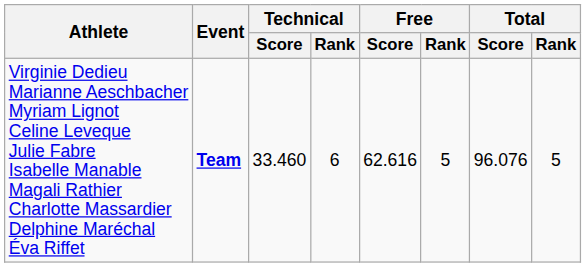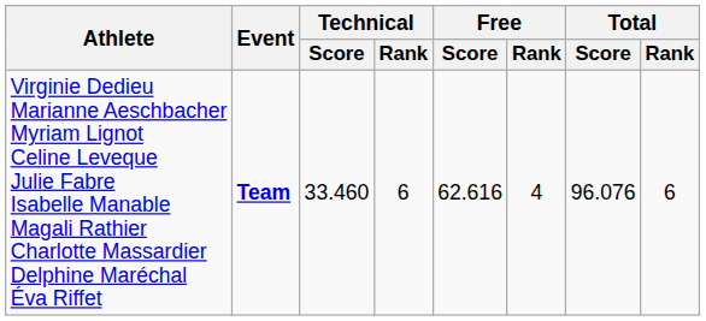 <table class=wikitable style=font-size:90%;text-align:center>
 <tr>
 <th rowspan=2>Athlete</th>
 <th rowspan=2>Event</th>
 <th colspan=2>Technical</th>
 <th colspan=2>Free</th>
 <th colspan=2>Total</th>
 </tr>
 <tr style=font-size:95%>
 <th>Score</th>
 <th>Rank</th>
 <th>Score</th>
 <th>Rank</th>
 <th>Score</th>
 <th>Rank</th>
 </tr>
 <tr>
 <td align=left><a href='#'>Virginie Dedieu</a><br><a href='#'>Marianne Aeschbacher</a><br><a href='#'>Myriam Lignot</a><br><a href='#'>Celine Leveque</a><br><a href='#'>Julie Fabre</a><br><a href='#'>Isabelle Manable</a><br><a href='#'>Magali Rathier</a><br><a href='#'>Charlotte Massardier</a><br><a href='#'>Delphine Maréchal</a><br><a href='#'>Éva Riffet</a></td>
 <td align=left><strong><a href='#'>Team</a></strong></td>
 <td>33.460</td>
 <td>6</td>
 <td>62.616</td>
-<td>5</td>
+<td>4</td>
 <td>96.076</td>
-<td>5</td>
+<td>6</td>
 </tr>
 </table>
